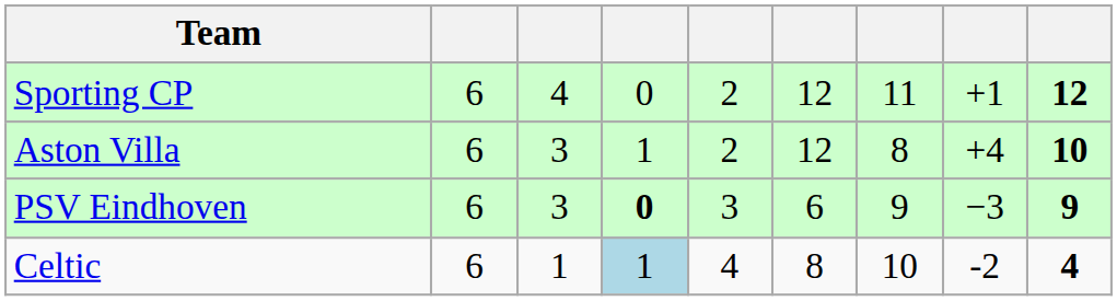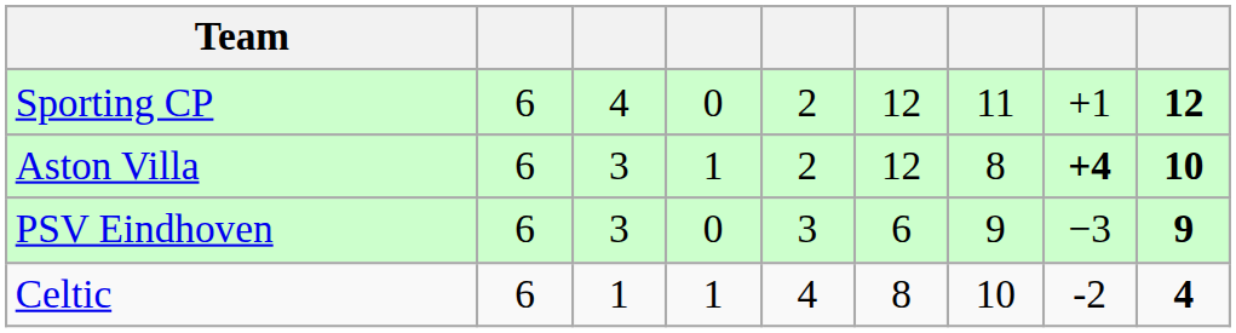 <table class="wikitable" style="text-align:center">
 <tr>
 <th width="180">Team</th>
 <th width="30"></th>
 <th width="30"></th>
 <th width="30"></th>
 <th width="30"></th>
 <th width="30"></th>
 <th width="30"></th>
 <th width="30"></th>
 <th width="30"></th>
 </tr>
 <tr style="background:#cfc;">
 <td align=left> <a href='#'>Sporting CP</a></td>
 <td>6</td>
 <td>4</td>
 <td>0</td>
 <td>2</td>
 <td>12</td>
 <td>11</td>
 <td>+1</td>
 <td><strong>12</strong></td>
 </tr>
 <tr style="background:#cfc;">
 <td align=left> <a href='#'>Aston Villa</a></td>
 <td>6</td>
 <td>3</td>
 <td>1</td>
 <td>2</td>
 <td>12</td>
 <td>8</td>
-<td>+4</td>
+<td><strong>+4</strong></td>
 <td><strong>10</strong></td>
 </tr>
 <tr style="background:#cfc;">
 <td align=left> <a href='#'>PSV Eindhoven</a></td>
 <td>6</td>
 <td>3</td>
-<td><strong>0</strong></td>
+<td>0</td>
 <td>3</td>
 <td>6</td>
 <td>9</td>
 <td>−3</td>
 <td><strong>9</strong></td>
 </tr>
 <tr>
 <td align=left> <a href='#'>Celtic</a></td>
 <td>6</td>
 <td>1</td>
-<td style="background: lightblue;">1</td>
+<td>1</td>
 <td>4</td>
 <td>8</td>
 <td>10</td>
 <td>-2</td>
 <td><strong>4</strong></td>
 </tr>
 </table>
